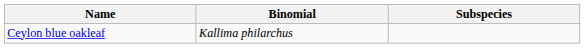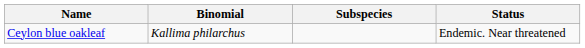 <table width=60% class="wikitable">
 <tr>
 <th width=20%>Name</th>
 <th width=20%>Binomial</th>
 <th width=20%>Subspecies</th>
+<th width=20%>Status</th>
 </tr>
 <tr>
 <td><a href='#'>Ceylon blue oakleaf</a><br> </td>
 <td><em>Kallima philarchus</em></td>
 <td></td>
+<td>Endemic. Near threatened</td>
 </tr>
 </table>
